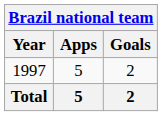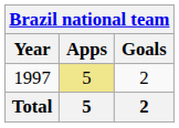 <table class="wikitable" style="text-align:center">
 <tr>
 <th colspan=3><a href='#'>Brazil national team</a></th>
 </tr>
 <tr>
 <th>Year</th>
 <th>Apps</th>
 <th>Goals</th>
 </tr>
 <tr>
 <td>1997</td>
-<td>5</td>
+<td style="background: khaki;">5</td>
 <td>2</td>
 </tr>
 <tr>
 <th>Total</th>
 <th>5</th>
 <th>2</th>
 </tr>
 </table>
